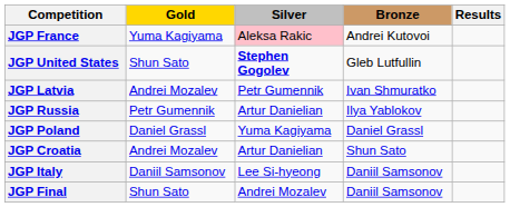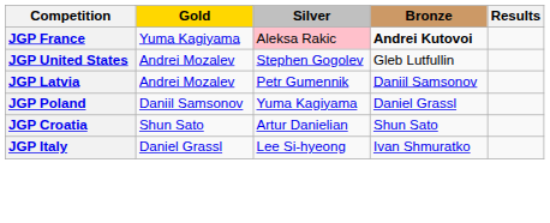 <table class="wikitable unsortable" style="text-align:left; width:100%">
 <tr>
 <th scope="col" style="text-align:center; width:25%;">Competition</th>
 <td scope="col" style="text-align:center; width:22.5%; background:gold"><strong>Gold</strong></td>
 <td scope="col" style="text-align:center; width:22.5%; background:silver"><strong>Silver</strong></td>
 <td scope="col" style="text-align:center; width:22.5%; background:#c96"><strong>Bronze</strong></td>
 <th scope="col" style="text-align:center; width:7.5%;">Results</th>
 </tr>
 <tr>
 <th scope="row" style="text-align:left"> <a href='#'>JGP France</a></th>
 <td> <a href='#'>Yuma Kagiyama</a></td>
 <td style="background: pink;"> Aleksa Rakic</td>
-<td> Andrei Kutovoi</td>
+<td><strong> Andrei Kutovoi</strong></td>
 <td></td>
 </tr>
 <tr>
 <th scope="row" style="text-align:left"> <a href='#'>JGP United States</a></th>
-<td> <a href='#'>Shun Sato</a></td>
-<td><strong> <a href='#'>Stephen Gogolev</a></strong></td>
+<td> <a href='#'>Andrei Mozalev</a></td>
+<td> <a href='#'>Stephen Gogolev</a></td>
 <td> Gleb Lutfullin</td>
 <td></td>
 </tr>
 <tr>
 <th scope="row" style="text-align:left"> <a href='#'>JGP Latvia</a></th>
 <td> <a href='#'>Andrei Mozalev</a></td>
 <td> <a href='#'>Petr Gumennik</a></td>
-<td> <a href='#'>Ivan Shmuratko</a></td>
-<td></td>
-</tr>
-<tr>
-<th scope="row" style="text-align:left"> <a href='#'>JGP Russia</a></th>
-<td> <a href='#'>Petr Gumennik</a></td>
-<td> <a href='#'>Artur Danielian</a></td>
-<td> <a href='#'>Ilya Yablokov</a></td>
+<td> <a href='#'>Daniil Samsonov</a></td>
 <td></td>
 </tr>
 <tr>
 <th scope="row" style="text-align:left"> <a href='#'>JGP Poland</a></th>
-<td> <a href='#'>Daniel Grassl</a></td>
+<td> <a href='#'>Daniil Samsonov</a></td>
 <td> <a href='#'>Yuma Kagiyama</a></td>
 <td> <a href='#'>Daniel Grassl</a></td>
 <td></td>
 </tr>
 <tr>
 <th scope="row" style="text-align:left"> <a href='#'>JGP Croatia</a></th>
-<td> <a href='#'>Andrei Mozalev</a></td>
+<td> <a href='#'>Shun Sato</a></td>
 <td> <a href='#'>Artur Danielian</a></td>
 <td> <a href='#'>Shun Sato</a></td>
 <td></td>
 </tr>
 <tr>
 <th scope="row" style="text-align:left"> <a href='#'>JGP Italy</a></th>
-<td> <a href='#'>Daniil Samsonov</a></td>
+<td> <a href='#'>Daniel Grassl</a></td>
 <td> <a href='#'>Lee Si-hyeong</a></td>
-<td> <a href='#'>Daniil Samsonov</a></td>
-<td></td>
-</tr>
-<tr>
-<th scope="row" style="text-align:left"> <a href='#'>JGP Final</a></th>
-<td> <a href='#'>Shun Sato</a></td>
-<td> <a href='#'>Andrei Mozalev</a></td>
-<td> <a href='#'>Daniil Samsonov</a></td>
+<td> <a href='#'>Ivan Shmuratko</a></td>
 <td></td>
 </tr>
 </table>
